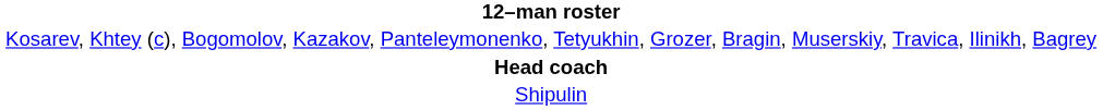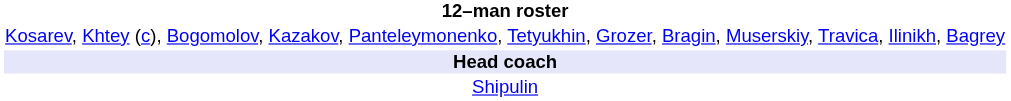 <table style="text-align:center; margin-top:2em; margin-left:auto; margin-right:auto">
 <tr>
 <td><strong>12–man roster</strong></td>
 </tr>
 <tr>
 <td><a href='#'>Kosarev</a>, <a href='#'>Khtey</a> (<a href='#'>c</a>), <a href='#'>Bogomolov</a>, <a href='#'>Kazakov</a>, <a href='#'>Panteleymonenko</a>, <a href='#'>Tetyukhin</a>, <a href='#'>Grozer</a>, <a href='#'>Bragin</a>, <a href='#'>Muserskiy</a>, <a href='#'>Travica</a>, <a href='#'>Ilinikh</a>, <a href='#'>Bagrey</a></td>
 </tr>
 <tr>
-<td><strong>Head coach</strong></td>
+<td style="background: lavender;"><strong>Head coach</strong></td>
 </tr>
 <tr>
 <td><a href='#'>Shipulin</a></td>
 </tr>
 </table>
